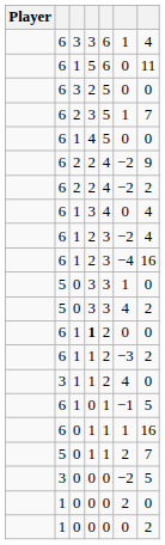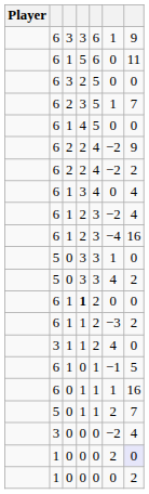 <table class="wikitable sortable" style="text-align:center;">
 <tr>
 <th>Player</th>
 <th></th>
 <th></th>
 <th></th>
 <th></th>
 <th data-sort-type="number"></th>
 <th></th>
 </tr>
 <tr>
 <td></td>
 <td>6</td>
 <td>3</td>
 <td>3</td>
 <td>6</td>
 <td>1</td>
-<td>4</td>
+<td>9</td>
 </tr>
 <tr>
 <td></td>
 <td>6</td>
 <td>1</td>
 <td>5</td>
 <td>6</td>
 <td>0</td>
 <td>11</td>
 </tr>
 <tr>
 <td></td>
 <td>6</td>
 <td>3</td>
 <td>2</td>
 <td>5</td>
 <td>0</td>
 <td>0</td>
 </tr>
 <tr>
 <td></td>
 <td>6</td>
 <td>2</td>
 <td>3</td>
 <td>5</td>
 <td>1</td>
 <td>7</td>
 </tr>
 <tr>
 <td></td>
 <td>6</td>
 <td>1</td>
 <td>4</td>
 <td>5</td>
 <td>0</td>
 <td>0</td>
 </tr>
 <tr>
 <td></td>
 <td>6</td>
 <td>2</td>
 <td>2</td>
 <td>4</td>
 <td>−2</td>
 <td>9</td>
 </tr>
 <tr>
 <td></td>
 <td>6</td>
 <td>2</td>
 <td>2</td>
 <td>4</td>
 <td>−2</td>
 <td>2</td>
 </tr>
 <tr>
 <td></td>
 <td>6</td>
 <td>1</td>
 <td>3</td>
 <td>4</td>
 <td>0</td>
 <td>4</td>
 </tr>
 <tr>
 <td></td>
 <td>6</td>
 <td>1</td>
 <td>2</td>
 <td>3</td>
 <td>−2</td>
 <td>4</td>
 </tr>
 <tr>
 <td></td>
 <td>6</td>
 <td>1</td>
 <td>2</td>
 <td>3</td>
 <td>−4</td>
 <td>16</td>
 </tr>
 <tr>
 <td></td>
 <td>5</td>
 <td>0</td>
 <td>3</td>
 <td>3</td>
 <td>1</td>
 <td>0</td>
 </tr>
 <tr>
 <td></td>
 <td>5</td>
 <td>0</td>
 <td>3</td>
 <td>3</td>
 <td>4</td>
 <td>2</td>
 </tr>
 <tr>
 <td></td>
 <td>6</td>
 <td>1</td>
 <td><strong>1</strong></td>
 <td>2</td>
 <td>0</td>
 <td>0</td>
 </tr>
 <tr>
 <td></td>
 <td>6</td>
 <td>1</td>
 <td>1</td>
 <td>2</td>
 <td>−3</td>
 <td>2</td>
 </tr>
 <tr>
 <td></td>
 <td>3</td>
 <td>1</td>
 <td>1</td>
 <td>2</td>
 <td>4</td>
 <td>0</td>
 </tr>
 <tr>
 <td></td>
 <td>6</td>
 <td>1</td>
 <td>0</td>
 <td>1</td>
 <td>−1</td>
 <td>5</td>
 </tr>
 <tr>
 <td></td>
 <td>6</td>
 <td>0</td>
 <td>1</td>
 <td>1</td>
 <td>1</td>
 <td>16</td>
 </tr>
 <tr>
 <td></td>
 <td>5</td>
 <td>0</td>
 <td>1</td>
 <td>1</td>
 <td>2</td>
 <td>7</td>
 </tr>
 <tr>
 <td></td>
 <td>3</td>
 <td>0</td>
 <td>0</td>
 <td>0</td>
 <td>−2</td>
-<td>5</td>
+<td>4</td>
 </tr>
 <tr>
 <td></td>
 <td>1</td>
 <td>0</td>
 <td>0</td>
 <td>0</td>
 <td>2</td>
-<td>0</td>
+<td style="background: lavender;">0</td>
 </tr>
 <tr>
 <td></td>
 <td>1</td>
 <td>0</td>
 <td>0</td>
 <td>0</td>
 <td>0</td>
 <td>2</td>
 </tr>
 </table>
